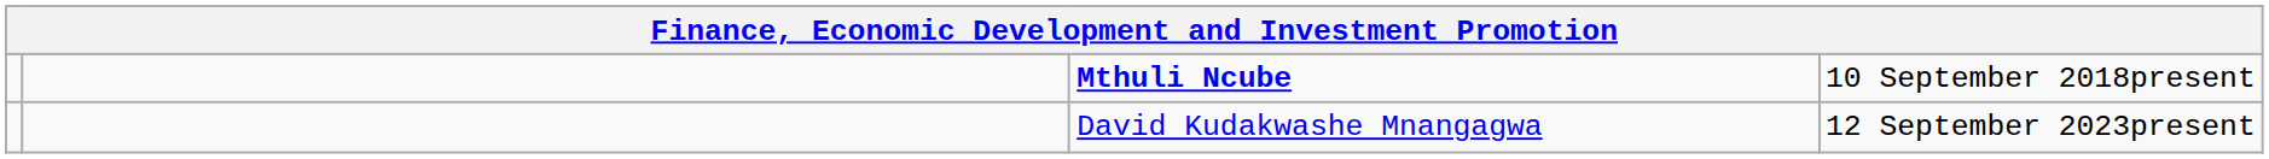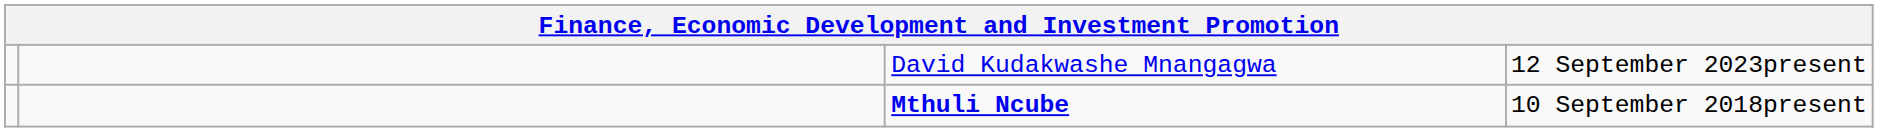 <table class="wikitable">
 <tr>
 <th colspan="4"><a href='#'>Finance, Economic Development and Investment Promotion</a></th>
+</tr>
+<tr>
+<td style="width: 1px; background: "></td>
+<td style="width: 450px;"></td>
+<td style="width: 320px;"> <a href='#'>David Kudakwashe Mnangagwa</a></td>
+<td>12 September 2023present</td>
 </tr>
 <tr>
 <td></td>
 <td style="width: 450px;"></td>
 <td style="width: 320px;"> <strong><a href='#'>Mthuli Ncube</a></strong></td>
 <td>10 September 2018present</td>
 </tr>
-<tr>
-<td style="width: 1px; background: "></td>
-<td style="width: 450px;"></td>
-<td style="width: 320px;"> <a href='#'>David Kudakwashe Mnangagwa</a></td>
-<td>12 September 2023present</td>
-</tr>
 </table>
